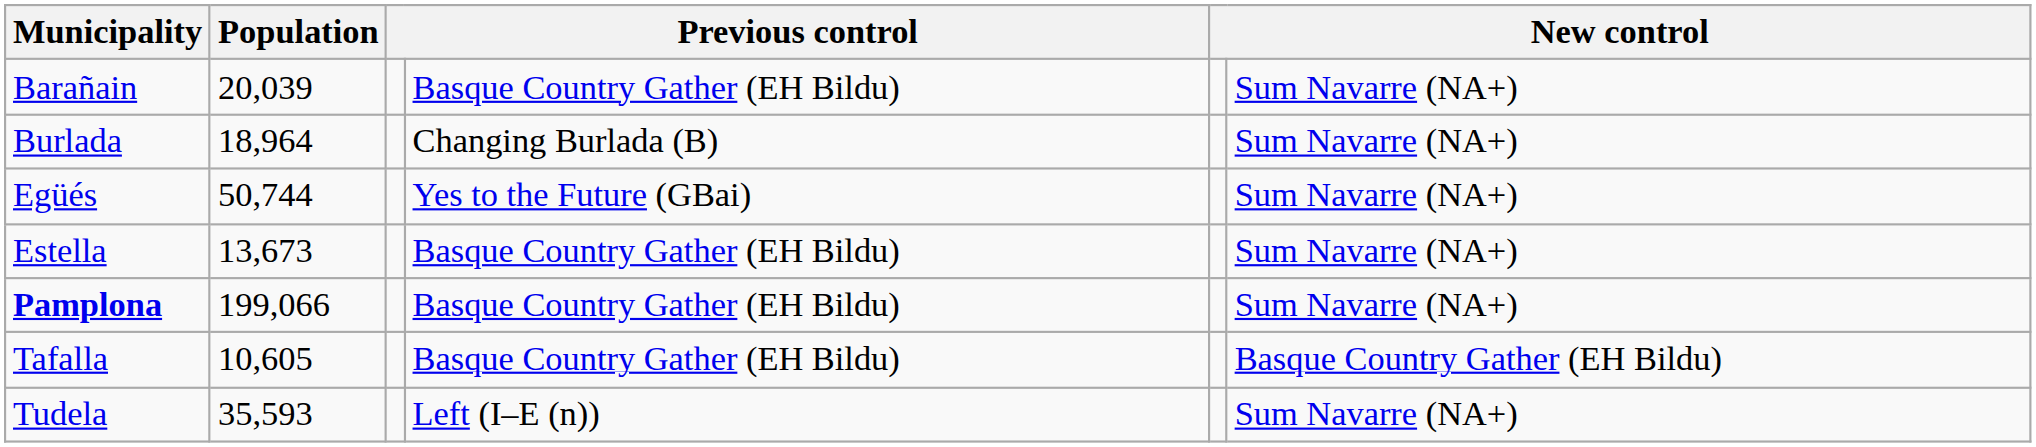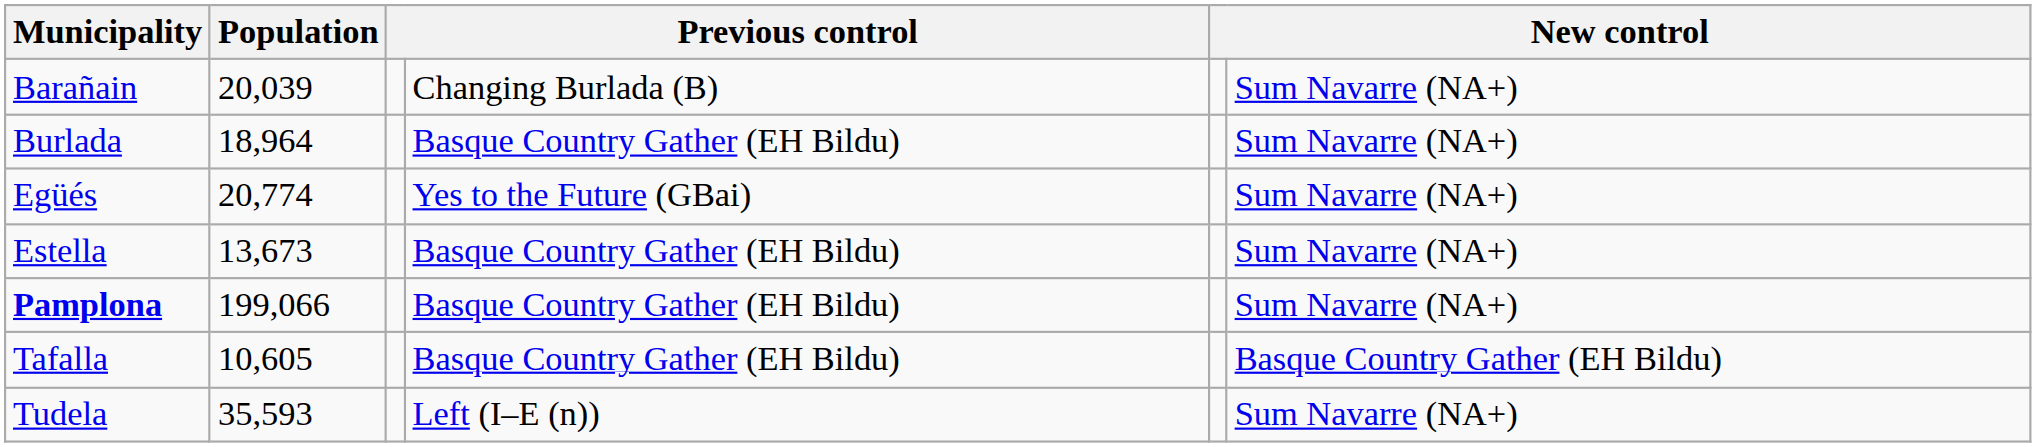 <table class="wikitable sortable">
 <tr>
 <th>Municipality</th>
 <th>Population</th>
 <th colspan="2" style="width:375px;">Previous control</th>
 <th colspan="2" style="width:375px;">New control</th>
 </tr>
 <tr>
 <td><a href='#'>Barañain</a></td>
 <td>20,039</td>
 <td width="1" style="color:inherit;background:"></td>
-<td><a href='#'>Basque Country Gather</a> (EH Bildu)</td>
+<td>Changing Burlada (B)</td>
 <td width="1" style="color:inherit;background:"></td>
 <td><a href='#'>Sum Navarre</a> (NA+)</td>
 </tr>
 <tr>
 <td><a href='#'>Burlada</a></td>
 <td>18,964</td>
 <td style="color:inherit;background:"></td>
-<td>Changing Burlada (B)</td>
+<td><a href='#'>Basque Country Gather</a> (EH Bildu)</td>
 <td style="color:inherit;background:"></td>
 <td><a href='#'>Sum Navarre</a> (NA+)</td>
 </tr>
 <tr>
 <td><a href='#'>Egüés</a></td>
-<td>50,744</td>
+<td>20,774</td>
 <td style="color:inherit;background:"></td>
 <td><a href='#'>Yes to the Future</a> (GBai)</td>
 <td style="color:inherit;background:"></td>
 <td><a href='#'>Sum Navarre</a> (NA+)</td>
 </tr>
 <tr>
 <td><a href='#'>Estella</a></td>
 <td>13,673</td>
 <td style="color:inherit;background:"></td>
 <td><a href='#'>Basque Country Gather</a> (EH Bildu)</td>
 <td style="color:inherit;background:"></td>
 <td><a href='#'>Sum Navarre</a> (NA+) </td>
 </tr>
 <tr>
 <td><strong><a href='#'>Pamplona</a></strong></td>
 <td>199,066</td>
 <td style="color:inherit;background:"></td>
 <td><a href='#'>Basque Country Gather</a> (EH Bildu)</td>
 <td style="color:inherit;background:"></td>
 <td><a href='#'>Sum Navarre</a> (NA+)</td>
 </tr>
 <tr>
 <td><a href='#'>Tafalla</a></td>
 <td>10,605</td>
 <td style="color:inherit;background:"></td>
 <td><a href='#'>Basque Country Gather</a> (EH Bildu)</td>
 <td style="color:inherit;background:"></td>
 <td><a href='#'>Basque Country Gather</a> (EH Bildu)</td>
 </tr>
 <tr>
 <td><a href='#'>Tudela</a></td>
 <td>35,593</td>
 <td style="color:inherit;background:"></td>
 <td><a href='#'>Left</a> (I–E (n))</td>
 <td style="color:inherit;background:"></td>
 <td><a href='#'>Sum Navarre</a> (NA+)</td>
 </tr>
 </table>
